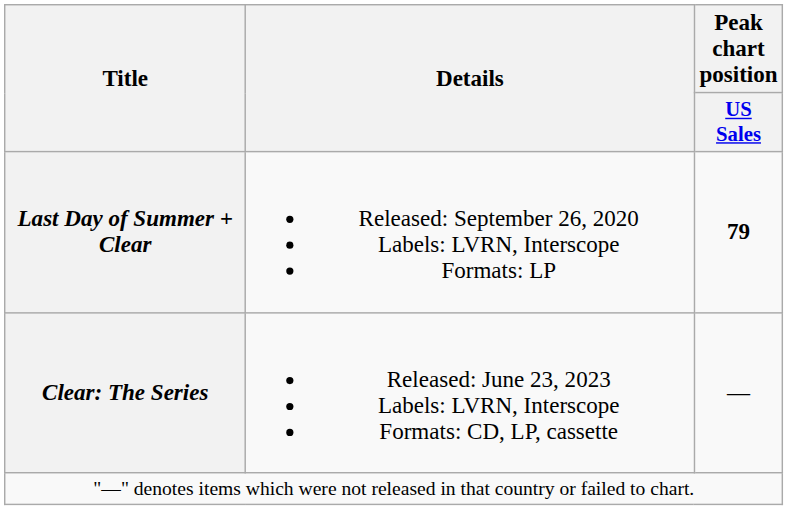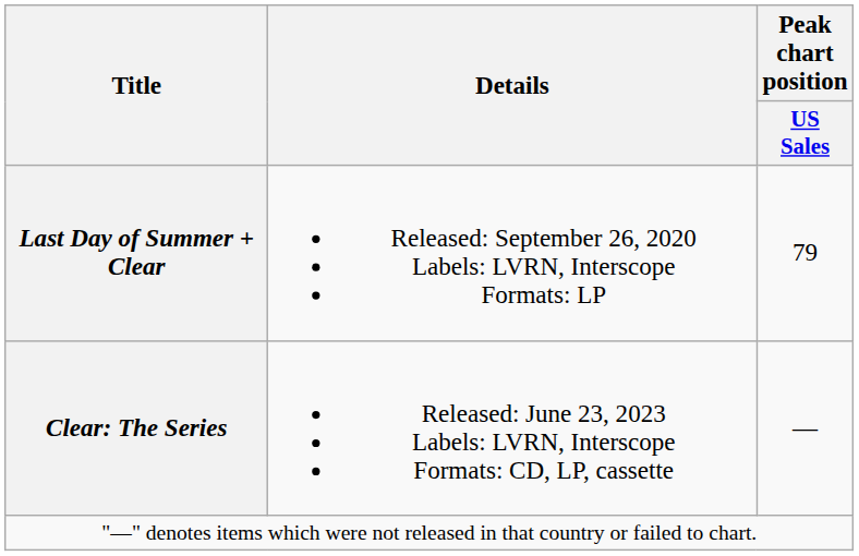 <table class="wikitable plainrowheaders" style="text-align:center;">
 <tr>
 <th scope="col" rowspan="2" style="width:10em;">Title</th>
 <th scope="col" rowspan="2" style="width:19em;">Details</th>
 <th scope="col" colspan="1">Peak chart position</th>
 </tr>
 <tr>
 <th scope="col" style="width:2.5em;font-size:90%;"><a href='#'>US<br>Sales</a><br></th>
 </tr>
 <tr>
 <th scope="row"><em>Last Day of Summer + Clear</em></th>
 <td><br><ul><li>Released: September 26, 2020</li><li>Labels: LVRN, Interscope</li><li>Formats: LP</li></ul></td>
-<td><strong>79</strong></td>
+<td>79</td>
 </tr>
 <tr>
 <th scope="row"><em>Clear: The Series</em></th>
 <td><br><ul><li>Released: June 23, 2023</li><li>Labels: LVRN, Interscope</li><li>Formats: CD, LP, cassette</li></ul></td>
 <td>—</td>
 </tr>
 <tr>
 <td colspan="8" style="font-size:85%;">"—" denotes items which were not released in that country or failed to chart.</td>
 </tr>
 </table>
